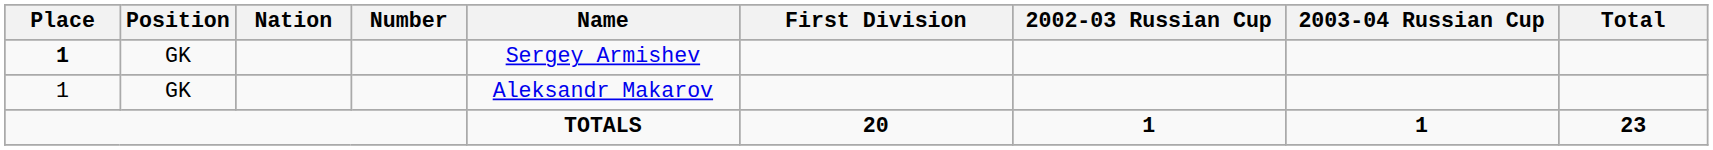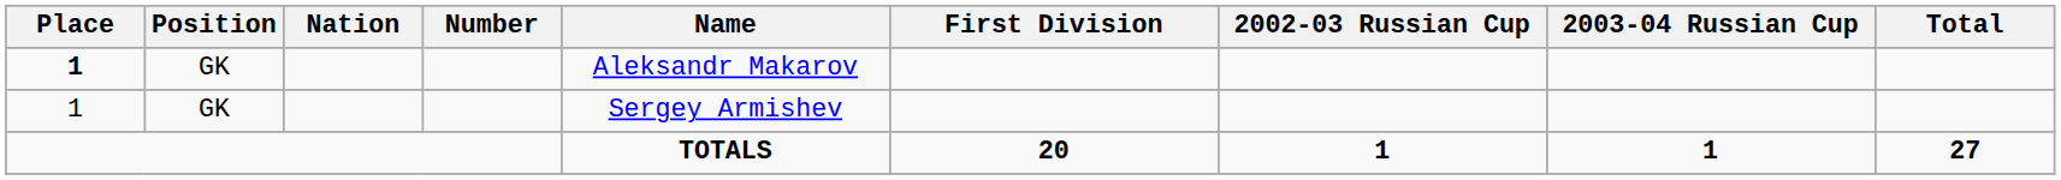 <table class="wikitable" style="font-size: 95%; text-align: center;">
 <tr>
 <th width=60>Place</th>
 <th width=60>Position</th>
 <th width=60>Nation</th>
 <th width=60>Number</th>
 <th width=150>Name</th>
 <th width=150>First Division</th>
 <th width=150>2002-03 Russian Cup</th>
 <th width=150>2003-04 Russian Cup</th>
 <th width=80>Total</th>
 </tr>
 <tr>
 <td><strong>1</strong></td>
 <td>GK</td>
 <td></td>
 <td></td>
-<td><a href='#'>Sergey Armishev</a></td>
+<td><a href='#'>Aleksandr Makarov</a></td>
 <td></td>
 <td></td>
 <td></td>
 <td><strong> </strong></td>
 </tr>
 <tr>
 <td>1</td>
 <td>GK</td>
 <td></td>
 <td></td>
-<td><a href='#'>Aleksandr Makarov</a></td>
+<td><a href='#'>Sergey Armishev</a></td>
 <td></td>
 <td></td>
 <td></td>
 <td><strong> </strong></td>
 </tr>
 <tr>
 <td colspan="4"></td>
 <td><strong>TOTALS</strong></td>
 <td><strong>20</strong></td>
 <td><strong>1</strong></td>
 <td><strong>1</strong></td>
-<td><strong>23</strong></td>
+<td><strong>27</strong></td>
 </tr>
 </table>
